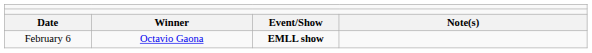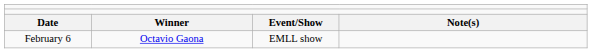 <table class="wikitable" style="text-align:center; width:100%;">
 <tr>
 <td colspan=5></td>
 </tr>
 <tr>
 <td colspan=5><strong></strong></td>
 </tr>
 <tr>
 <th width=14%>Date</th>
 <th width=26%>Winner</th>
 <th width=14%>Event/Show</th>
 <th width=40%>Note(s)</th>
 </tr>
 <tr>
 <td>February 6</td>
 <td><a href='#'>Octavio Gaona</a></td>
-<td><strong>EMLL show</strong></td>
+<td>EMLL show</td>
 <td align=left></td>
 </tr>
 </table>
